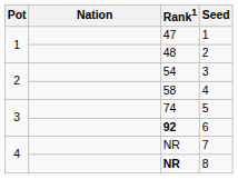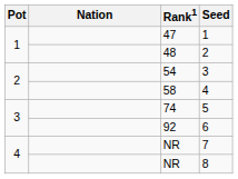 <table class="wikitable">
 <tr>
 <th>Pot</th>
 <th width="175">Nation</th>
 <th>Rank<sup>1</sup></th>
 <th>Seed</th>
 </tr>
 <tr>
 <td rowspan=2 style="text-align:center;">1</td>
 <td></td>
 <td>47</td>
 <td>1</td>
 </tr>
 <tr>
 <td></td>
 <td>48</td>
 <td>2</td>
 </tr>
 <tr>
 <td rowspan=2 style="text-align:center;">2</td>
 <td></td>
 <td>54</td>
 <td>3</td>
 </tr>
 <tr>
 <td></td>
 <td>58</td>
 <td>4</td>
 </tr>
 <tr>
 <td rowspan=2 style="text-align:center;">3</td>
 <td></td>
 <td>74</td>
 <td>5</td>
 </tr>
 <tr>
 <td></td>
-<td><strong>92</strong></td>
+<td>92</td>
 <td>6</td>
 </tr>
 <tr>
 <td rowspan=2 style="text-align:center;">4</td>
 <td></td>
 <td>NR</td>
 <td>7</td>
 </tr>
 <tr>
 <td></td>
-<td><strong>NR</strong></td>
+<td>NR</td>
 <td>8</td>
 </tr>
 </table>
